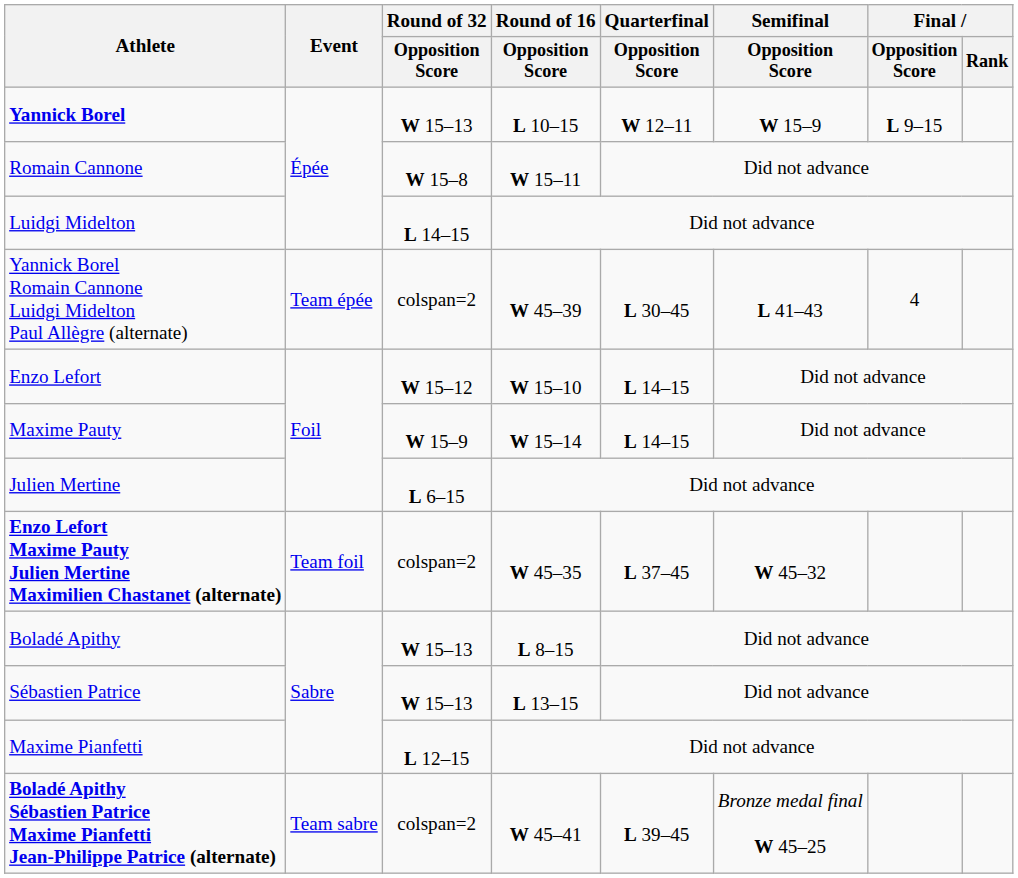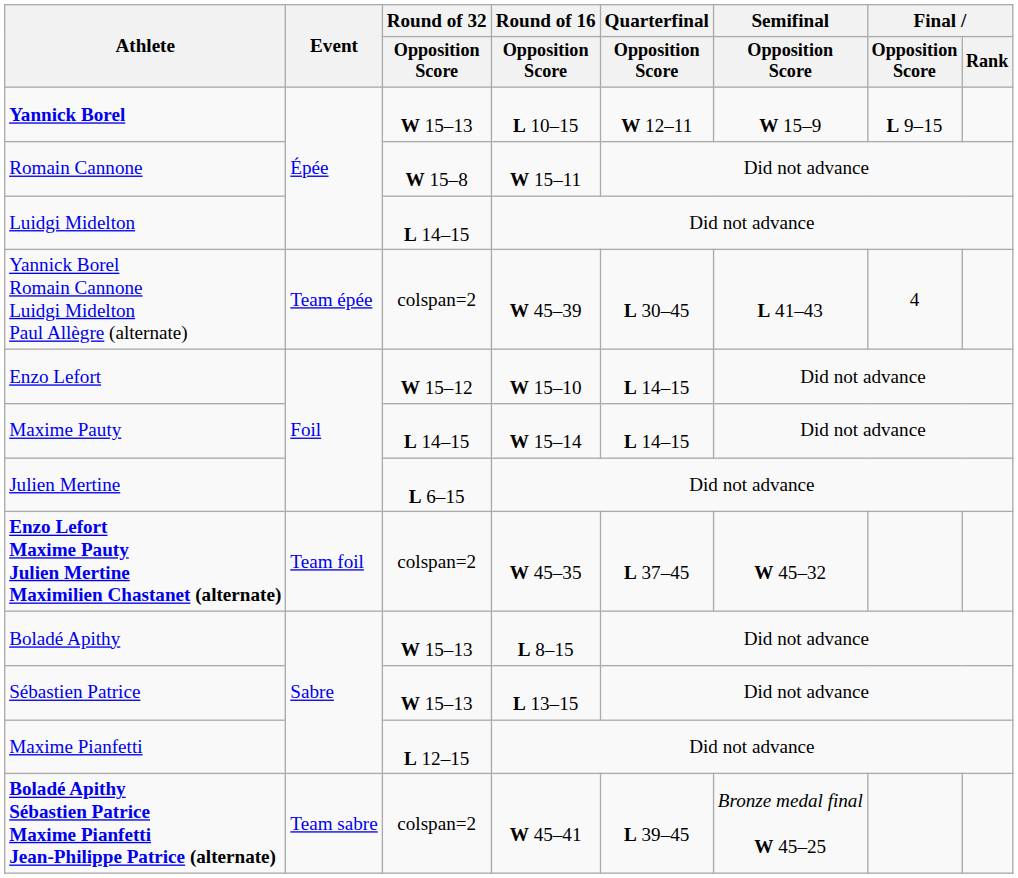 <table class="wikitable" style="font-size:90%">
 <tr>
 <th rowspan="2">Athlete</th>
 <th rowspan="2">Event</th>
 <th>Round of 32</th>
 <th>Round of 16</th>
 <th>Quarterfinal</th>
 <th>Semifinal</th>
 <th colspan=2>Final / </th>
 </tr>
 <tr style="font-size:95%">
 <th>Opposition <br> Score</th>
 <th>Opposition <br> Score</th>
 <th>Opposition <br> Score</th>
 <th>Opposition <br> Score</th>
 <th>Opposition <br> Score</th>
 <th>Rank</th>
 </tr>
 <tr align=center>
 <td align=left><strong><a href='#'>Yannick Borel</a></strong></td>
 <td align=left rowspan=3><a href='#'>Épée</a></td>
 <td><br><strong>W</strong> 15–13</td>
 <td><br><strong>L</strong> 10–15</td>
 <td><br><strong>W</strong> 12–11</td>
 <td><br><strong>W</strong> 15–9</td>
 <td><br><strong>L</strong> 9–15</td>
 <td></td>
 </tr>
 <tr align=center>
 <td align=left><a href='#'>Romain Cannone</a></td>
 <td><br><strong>W</strong> 15–8</td>
 <td><br><strong>W</strong> 15–11</td>
 <td colspan="4">Did not advance</td>
 </tr>
 <tr align=center>
 <td align=left><a href='#'>Luidgi Midelton</a></td>
 <td><br><strong>L</strong> 14–15</td>
 <td colspan="5">Did not advance</td>
 </tr>
 <tr align=center>
 <td align=left><a href='#'>Yannick Borel</a><br><a href='#'>Romain Cannone</a><br><a href='#'>Luidgi Midelton</a><br><a href='#'>Paul Allègre</a> (alternate)</td>
 <td align=left><a href='#'>Team épée</a></td>
 <td>colspan=2 </td>
 <td><br><strong>W</strong> 45–39</td>
 <td><br><strong>L</strong> 30–45</td>
 <td><br><strong>L</strong> 41–43</td>
 <td>4</td>
 </tr>
 <tr align=center>
 <td align=left><a href='#'>Enzo Lefort</a></td>
 <td align=left rowspan=3><a href='#'>Foil</a></td>
 <td><br><strong>W</strong> 15–12</td>
 <td><br><strong>W</strong> 15–10</td>
 <td><br><strong>L</strong> 14–15</td>
 <td colspan="3">Did not advance</td>
 </tr>
 <tr align=center>
 <td align=left><a href='#'>Maxime Pauty</a></td>
-<td><br><strong>W</strong> 15–9</td>
+<td><br><strong>L</strong> 14–15</td>
 <td><br><strong>W</strong> 15–14</td>
 <td><br><strong>L</strong> 14–15</td>
 <td colspan="3">Did not advance</td>
 </tr>
 <tr align=center>
 <td align=left><a href='#'>Julien Mertine</a></td>
 <td><br><strong>L</strong> 6–15</td>
 <td colspan="5">Did not advance</td>
 </tr>
 <tr align=center>
 <td align=left><strong><a href='#'>Enzo Lefort</a><br><a href='#'>Maxime Pauty</a><br><a href='#'>Julien Mertine</a><br><a href='#'>Maximilien Chastanet</a> (alternate)</strong></td>
 <td align=left><a href='#'>Team foil</a></td>
 <td>colspan=2 </td>
 <td><br><strong>W</strong> 45–35</td>
 <td><br><strong>L</strong> 37–45</td>
 <td><br><strong>W</strong> 45–32</td>
 <td></td>
 </tr>
 <tr align=center>
 <td align=left><a href='#'>Boladé Apithy</a></td>
 <td align=left rowspan=3><a href='#'>Sabre</a></td>
 <td><br><strong>W</strong> 15–13</td>
 <td><br><strong>L</strong> 8–15</td>
 <td colspan=4>Did not advance</td>
 </tr>
 <tr align=center>
 <td align=left><a href='#'>Sébastien Patrice</a></td>
 <td><br><strong>W</strong> 15–13</td>
 <td><br><strong>L</strong> 13–15</td>
 <td colspan=4>Did not advance</td>
 </tr>
 <tr align=center>
 <td align=left><a href='#'>Maxime Pianfetti</a></td>
 <td><br><strong>L</strong> 12–15</td>
 <td colspan="6">Did not advance</td>
 </tr>
 <tr align=center>
 <td align=left><strong><a href='#'>Boladé Apithy</a><br><a href='#'>Sébastien Patrice</a><br><a href='#'>Maxime Pianfetti</a><br><a href='#'>Jean-Philippe Patrice</a> (alternate)</strong></td>
 <td align=left><a href='#'>Team sabre</a></td>
 <td>colspan=2 </td>
 <td><br><strong>W</strong> 45–41</td>
 <td><br><strong>L</strong> 39–45</td>
 <td><em>Bronze medal final</em><br><br><strong>W</strong> 45–25</td>
 <td></td>
 </tr>
 </table>
